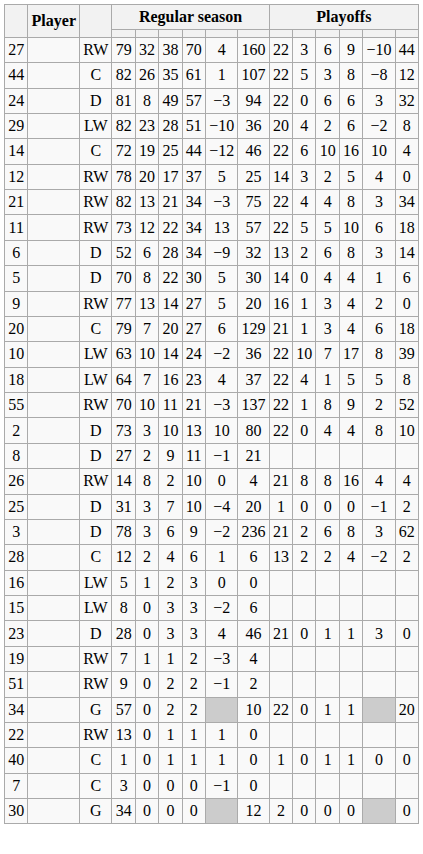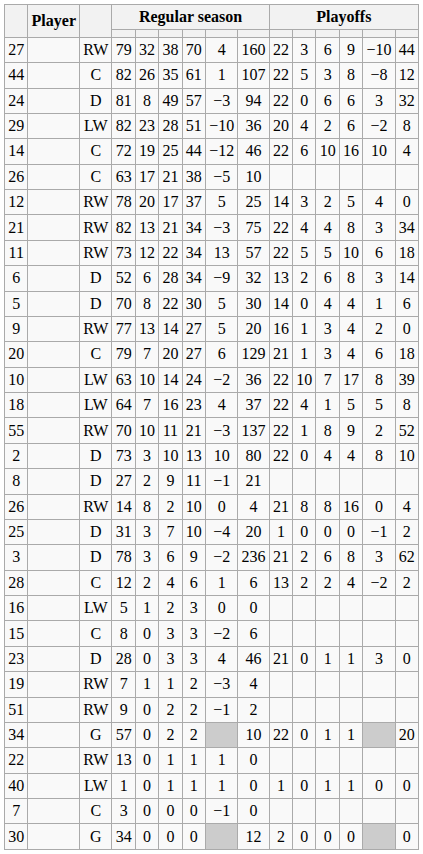 <table class="wikitable sortable plainrowheaders" style="text-align:center;">
 <tr>
 <th scope="col" data-sort-type="number" rowspan="2"></th>
 <th scope="col" rowspan="2">Player</th>
 <th scope="col" rowspan="2"></th>
 <th scope=colgroup colspan=6>Regular season</th>
 <th scope=colgroup colspan=6>Playoffs</th>
 </tr>
 <tr>
 <th scope="col" data-sort-type="number"></th>
 <th scope="col" data-sort-type="number"></th>
 <th scope="col" data-sort-type="number"></th>
 <th scope="col" data-sort-type="number"></th>
 <th scope="col" data-sort-type="number"></th>
 <th scope="col" data-sort-type="number"></th>
 <th scope="col" data-sort-type="number"></th>
 <th scope="col" data-sort-type="number"></th>
 <th scope="col" data-sort-type="number"></th>
 <th scope="col" data-sort-type="number"></th>
 <th scope="col" data-sort-type="number"></th>
 <th scope="col" data-sort-type="number"></th>
 </tr>
 <tr>
 <td scope="row">27</td>
 <td align="left"></td>
 <td>RW</td>
 <td>79</td>
 <td>32</td>
 <td>38</td>
 <td>70</td>
 <td>4</td>
 <td>160</td>
 <td>22</td>
 <td>3</td>
 <td>6</td>
 <td>9</td>
 <td>−10</td>
 <td>44</td>
 </tr>
 <tr>
 <td scope="row">44</td>
 <td align="left"></td>
 <td>C</td>
 <td>82</td>
 <td>26</td>
 <td>35</td>
 <td>61</td>
 <td>1</td>
 <td>107</td>
 <td>22</td>
 <td>5</td>
 <td>3</td>
 <td>8</td>
 <td>−8</td>
 <td>12</td>
 </tr>
 <tr>
 <td scope="row">24</td>
 <td align="left"></td>
 <td>D</td>
 <td>81</td>
 <td>8</td>
 <td>49</td>
 <td>57</td>
 <td>−3</td>
 <td>94</td>
 <td>22</td>
 <td>0</td>
 <td>6</td>
 <td>6</td>
 <td>3</td>
 <td>32</td>
 </tr>
 <tr>
 <td scope="row">29</td>
 <td align="left"></td>
 <td>LW</td>
 <td>82</td>
 <td>23</td>
 <td>28</td>
 <td>51</td>
 <td>−10</td>
 <td>36</td>
 <td>20</td>
 <td>4</td>
 <td>2</td>
 <td>6</td>
 <td>−2</td>
 <td>8</td>
 </tr>
 <tr>
 <td scope="row">14</td>
 <td align="left"></td>
 <td>C</td>
 <td>72</td>
 <td>19</td>
 <td>25</td>
 <td>44</td>
 <td>−12</td>
 <td>46</td>
 <td>22</td>
 <td>6</td>
 <td>10</td>
 <td>16</td>
 <td>10</td>
 <td>4</td>
+</tr>
+<tr>
+<td scope="row">26</td>
+<td align="left"></td>
+<td>C</td>
+<td>63</td>
+<td>17</td>
+<td>21</td>
+<td>38</td>
+<td>−5</td>
+<td>10</td>
+<td></td>
+<td></td>
+<td></td>
+<td></td>
+<td></td>
+<td></td>
 </tr>
 <tr>
 <td scope="row">12</td>
 <td align="left"></td>
 <td>RW</td>
 <td>78</td>
 <td>20</td>
 <td>17</td>
 <td>37</td>
 <td>5</td>
 <td>25</td>
 <td>14</td>
 <td>3</td>
 <td>2</td>
 <td>5</td>
 <td>4</td>
 <td>0</td>
 </tr>
 <tr>
 <td scope="row">21</td>
 <td align="left"></td>
 <td>RW</td>
 <td>82</td>
 <td>13</td>
 <td>21</td>
 <td>34</td>
 <td>−3</td>
 <td>75</td>
 <td>22</td>
 <td>4</td>
 <td>4</td>
 <td>8</td>
 <td>3</td>
 <td>34</td>
 </tr>
 <tr>
 <td scope="row">11</td>
 <td align="left"></td>
 <td>RW</td>
 <td>73</td>
 <td>12</td>
 <td>22</td>
 <td>34</td>
 <td>13</td>
 <td>57</td>
 <td>22</td>
 <td>5</td>
 <td>5</td>
 <td>10</td>
 <td>6</td>
 <td>18</td>
 </tr>
 <tr>
 <td scope="row">6</td>
 <td align="left"></td>
 <td>D</td>
 <td>52</td>
 <td>6</td>
 <td>28</td>
 <td>34</td>
 <td>−9</td>
 <td>32</td>
 <td>13</td>
 <td>2</td>
 <td>6</td>
 <td>8</td>
 <td>3</td>
 <td>14</td>
 </tr>
 <tr>
 <td scope="row">5</td>
 <td align="left"></td>
 <td>D</td>
 <td>70</td>
 <td>8</td>
 <td>22</td>
 <td>30</td>
 <td>5</td>
 <td>30</td>
 <td>14</td>
 <td>0</td>
 <td>4</td>
 <td>4</td>
 <td>1</td>
 <td>6</td>
 </tr>
 <tr>
 <td scope="row">9</td>
 <td align="left"></td>
 <td>RW</td>
 <td>77</td>
 <td>13</td>
 <td>14</td>
 <td>27</td>
 <td>5</td>
 <td>20</td>
 <td>16</td>
 <td>1</td>
 <td>3</td>
 <td>4</td>
 <td>2</td>
 <td>0</td>
 </tr>
 <tr>
 <td scope="row">20</td>
 <td align="left"></td>
 <td>C</td>
 <td>79</td>
 <td>7</td>
 <td>20</td>
 <td>27</td>
 <td>6</td>
 <td>129</td>
 <td>21</td>
 <td>1</td>
 <td>3</td>
 <td>4</td>
 <td>6</td>
 <td>18</td>
 </tr>
 <tr>
 <td scope="row">10</td>
 <td align="left"></td>
 <td>LW</td>
 <td>63</td>
 <td>10</td>
 <td>14</td>
 <td>24</td>
 <td>−2</td>
 <td>36</td>
 <td>22</td>
 <td>10</td>
 <td>7</td>
 <td>17</td>
 <td>8</td>
 <td>39</td>
 </tr>
 <tr>
 <td scope="row">18</td>
 <td align="left"></td>
 <td>LW</td>
 <td>64</td>
 <td>7</td>
 <td>16</td>
 <td>23</td>
 <td>4</td>
 <td>37</td>
 <td>22</td>
 <td>4</td>
 <td>1</td>
 <td>5</td>
 <td>5</td>
 <td>8</td>
 </tr>
 <tr>
 <td scope="row">55</td>
 <td align="left"></td>
 <td>RW</td>
 <td>70</td>
 <td>10</td>
 <td>11</td>
 <td>21</td>
 <td>−3</td>
 <td>137</td>
 <td>22</td>
 <td>1</td>
 <td>8</td>
 <td>9</td>
 <td>2</td>
 <td>52</td>
 </tr>
 <tr>
 <td scope="row">2</td>
 <td align="left"></td>
 <td>D</td>
 <td>73</td>
 <td>3</td>
 <td>10</td>
 <td>13</td>
 <td>10</td>
 <td>80</td>
 <td>22</td>
 <td>0</td>
 <td>4</td>
 <td>4</td>
 <td>8</td>
 <td>10</td>
 </tr>
 <tr>
 <td scope="row">8</td>
 <td align="left"></td>
 <td>D</td>
 <td>27</td>
 <td>2</td>
 <td>9</td>
 <td>11</td>
 <td>−1</td>
 <td>21</td>
 <td></td>
 <td></td>
 <td></td>
 <td></td>
 <td></td>
 <td></td>
 </tr>
 <tr>
 <td scope="row">26</td>
 <td align="left"></td>
 <td>RW</td>
 <td>14</td>
 <td>8</td>
 <td>2</td>
 <td>10</td>
 <td>0</td>
 <td>4</td>
 <td>21</td>
 <td>8</td>
 <td>8</td>
 <td>16</td>
-<td>4</td>
+<td>0</td>
 <td>4</td>
 </tr>
 <tr>
 <td scope="row">25</td>
 <td align="left"></td>
 <td>D</td>
 <td>31</td>
 <td>3</td>
 <td>7</td>
 <td>10</td>
 <td>−4</td>
 <td>20</td>
 <td>1</td>
 <td>0</td>
 <td>0</td>
 <td>0</td>
 <td>−1</td>
 <td>2</td>
 </tr>
 <tr>
 <td scope="row">3</td>
 <td align="left"></td>
 <td>D</td>
 <td>78</td>
 <td>3</td>
 <td>6</td>
 <td>9</td>
 <td>−2</td>
 <td>236</td>
 <td>21</td>
 <td>2</td>
 <td>6</td>
 <td>8</td>
 <td>3</td>
 <td>62</td>
 </tr>
 <tr>
 <td scope="row">28</td>
 <td align="left"></td>
 <td>C</td>
 <td>12</td>
 <td>2</td>
 <td>4</td>
 <td>6</td>
 <td>1</td>
 <td>6</td>
 <td>13</td>
 <td>2</td>
 <td>2</td>
 <td>4</td>
 <td>−2</td>
 <td>2</td>
 </tr>
 <tr>
 <td scope="row">16</td>
 <td align="left"></td>
 <td>LW</td>
 <td>5</td>
 <td>1</td>
 <td>2</td>
 <td>3</td>
 <td>0</td>
 <td>0</td>
 <td></td>
 <td></td>
 <td></td>
 <td></td>
 <td></td>
 <td></td>
 </tr>
 <tr>
 <td scope="row">15</td>
 <td align="left"></td>
-<td>LW</td>
+<td>C</td>
 <td>8</td>
 <td>0</td>
 <td>3</td>
 <td>3</td>
 <td>−2</td>
 <td>6</td>
 <td></td>
 <td></td>
 <td></td>
 <td></td>
 <td></td>
 <td></td>
 </tr>
 <tr>
 <td scope="row">23</td>
 <td align="left"></td>
 <td>D</td>
 <td>28</td>
 <td>0</td>
 <td>3</td>
 <td>3</td>
 <td>4</td>
 <td>46</td>
 <td>21</td>
 <td>0</td>
 <td>1</td>
 <td>1</td>
 <td>3</td>
 <td>0</td>
 </tr>
 <tr>
 <td scope="row">19</td>
 <td align="left"></td>
 <td>RW</td>
 <td>7</td>
 <td>1</td>
 <td>1</td>
 <td>2</td>
 <td>−3</td>
 <td>4</td>
 <td></td>
 <td></td>
 <td></td>
 <td></td>
 <td></td>
 <td></td>
 </tr>
 <tr>
 <td scope="row">51</td>
 <td align="left"></td>
 <td>RW</td>
 <td>9</td>
 <td>0</td>
 <td>2</td>
 <td>2</td>
 <td>−1</td>
 <td>2</td>
 <td></td>
 <td></td>
 <td></td>
 <td></td>
 <td></td>
 <td></td>
 </tr>
 <tr>
 <td scope="row">34</td>
 <td align="left"></td>
 <td>G</td>
 <td>57</td>
 <td>0</td>
 <td>2</td>
 <td>2</td>
 <td style="background:#ccc"></td>
 <td>10</td>
 <td>22</td>
 <td>0</td>
 <td>1</td>
 <td>1</td>
 <td style="background:#ccc"></td>
 <td>20</td>
 </tr>
 <tr>
 <td scope="row">22</td>
 <td align="left"></td>
 <td>RW</td>
 <td>13</td>
 <td>0</td>
 <td>1</td>
 <td>1</td>
 <td>1</td>
 <td>0</td>
 <td></td>
 <td></td>
 <td></td>
 <td></td>
 <td></td>
 <td></td>
 </tr>
 <tr>
 <td scope="row">40</td>
 <td align="left"></td>
-<td>C</td>
+<td>LW</td>
 <td>1</td>
 <td>0</td>
 <td>1</td>
 <td>1</td>
 <td>1</td>
 <td>0</td>
 <td>1</td>
 <td>0</td>
 <td>1</td>
 <td>1</td>
 <td>0</td>
 <td>0</td>
 </tr>
 <tr>
 <td scope="row">7</td>
 <td align="left"></td>
 <td>C</td>
 <td>3</td>
 <td>0</td>
 <td>0</td>
 <td>0</td>
 <td>−1</td>
 <td>0</td>
 <td></td>
 <td></td>
 <td></td>
 <td></td>
 <td></td>
 <td></td>
 </tr>
 <tr>
 <td scope="row">30</td>
 <td align="left"></td>
 <td>G</td>
 <td>34</td>
 <td>0</td>
 <td>0</td>
 <td>0</td>
 <td style="background:#ccc"></td>
 <td>12</td>
 <td>2</td>
 <td>0</td>
 <td>0</td>
 <td>0</td>
 <td style="background:#ccc"></td>
 <td>0</td>
 </tr>
 </table>
